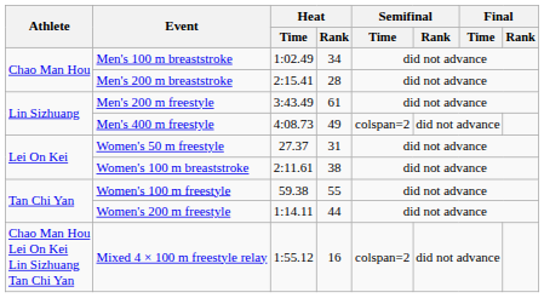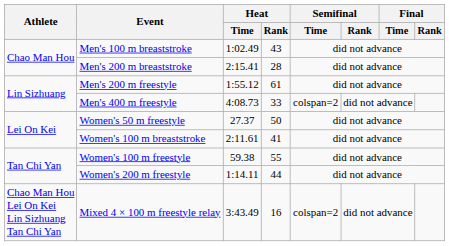 <table class=wikitable style="font-size:90%">
 <tr>
 <th rowspan="2">Athlete</th>
 <th rowspan="2">Event</th>
 <th colspan="2">Heat</th>
 <th colspan="2">Semifinal</th>
 <th colspan="2">Final</th>
 </tr>
 <tr style="font-size:95%">
 <th>Time</th>
 <th>Rank</th>
 <th>Time</th>
 <th>Rank</th>
 <th>Time</th>
 <th>Rank</th>
 </tr>
 <tr align=center>
 <td align=left rowspan=2><a href='#'>Chao Man Hou</a></td>
 <td align=left><a href='#'>Men's 100 m breaststroke</a></td>
 <td>1:02.49</td>
-<td>34</td>
+<td>43</td>
 <td colspan=4>did not advance</td>
 </tr>
 <tr align=center>
 <td align=left><a href='#'>Men's 200 m breaststroke</a></td>
 <td>2:15.41</td>
 <td>28</td>
 <td colspan=4>did not advance</td>
 </tr>
 <tr align=center>
 <td align=left rowspan=2><a href='#'>Lin Sizhuang</a></td>
 <td align=left><a href='#'>Men's 200 m freestyle</a></td>
-<td>3:43.49</td>
+<td>1:55.12</td>
 <td>61</td>
 <td colspan=4>did not advance</td>
 </tr>
 <tr align=center>
 <td align=left><a href='#'>Men's 400 m freestyle</a></td>
 <td>4:08.73</td>
-<td>49</td>
+<td>33</td>
 <td>colspan=2 </td>
 <td colspan=2>did not advance</td>
 </tr>
 <tr align=center>
 <td align=left rowspan=2><a href='#'>Lei On Kei</a></td>
 <td align=left><a href='#'>Women's 50 m freestyle</a></td>
 <td>27.37</td>
-<td>31</td>
+<td>50</td>
 <td colspan=4>did not advance</td>
 </tr>
 <tr align=center>
 <td align=left><a href='#'>Women's 100 m breaststroke</a></td>
 <td>2:11.61</td>
-<td>38</td>
+<td>41</td>
 <td colspan=4>did not advance</td>
 </tr>
 <tr align=center>
 <td align=left rowspan=2><a href='#'>Tan Chi Yan</a></td>
 <td align=left><a href='#'>Women's 100 m freestyle</a></td>
 <td>59.38</td>
 <td>55</td>
 <td colspan=4>did not advance</td>
 </tr>
 <tr align=center>
 <td align=left><a href='#'>Women's 200 m freestyle</a></td>
 <td>1:14.11</td>
 <td>44</td>
 <td colspan=4>did not advance</td>
 </tr>
 <tr align=center>
 <td align=left><a href='#'>Chao Man Hou</a><br><a href='#'>Lei On Kei</a><br><a href='#'>Lin Sizhuang</a><br><a href='#'>Tan Chi Yan</a></td>
 <td align=left><a href='#'>Mixed 4 × 100 m freestyle relay</a></td>
-<td>1:55.12</td>
+<td>3:43.49</td>
 <td>16</td>
 <td>colspan=2 </td>
 <td colspan=2>did not advance</td>
 </tr>
 </table>
